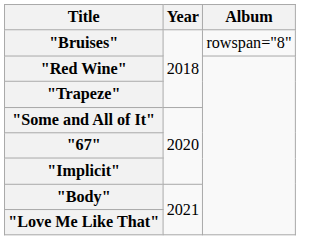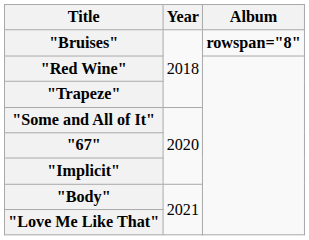 <table class="wikitable plainrowheaders">
 <tr>
 <th>Title</th>
 <th>Year</th>
 <th>Album</th>
 </tr>
 <tr>
 <th scope="row">"Bruises"</th>
 <td rowspan="3">2018</td>
-<td>rowspan="8" </td>
+<td><strong>rowspan="8" </strong></td>
 </tr>
 <tr>
 <th scope="row">"Red Wine"</th>
 </tr>
 <tr>
 <th scope="row">"Trapeze"</th>
 </tr>
 <tr>
 <th scope="row">"Some and All of It"</th>
 <td rowspan="3">2020</td>
 </tr>
 <tr>
 <th scope="row">"67"</th>
 </tr>
 <tr>
 <th scope="row">"Implicit"</th>
 </tr>
 <tr>
 <th scope="row">"Body"</th>
 <td rowspan="2">2021</td>
 </tr>
 <tr>
 <th scope="row">"Love Me Like That"</th>
 </tr>
 </table>
